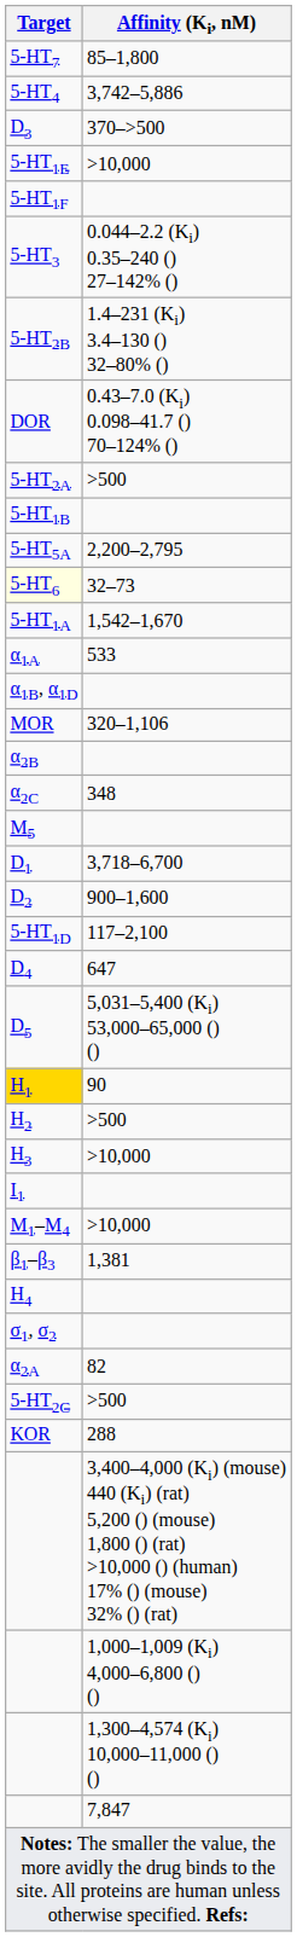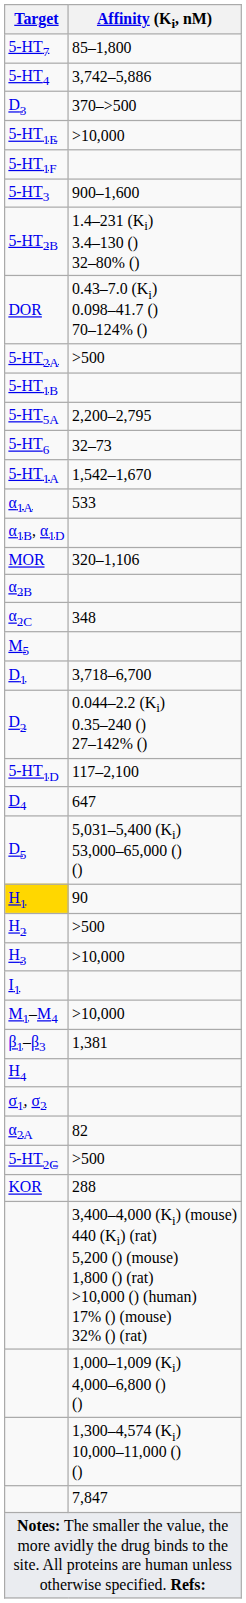 <table class="wikitable floatright" style="font-size:small;">
 <tr>
 <th><a href='#'>Target</a></th>
 <th><a href='#'>Affinity</a> (K<sub>i</sub>, nM)</th>
 </tr>
 <tr>
 <td><a href='#'>5-HT<sub>7</sub></a></td>
 <td>85–1,800</td>
 </tr>
 <tr>
 <td><a href='#'>5-HT<sub>4</sub></a></td>
 <td>3,742–5,886</td>
 </tr>
 <tr>
 <td><a href='#'>D<sub>3</sub></a></td>
 <td>370–>500</td>
 </tr>
 <tr>
 <td><a href='#'>5-HT<sub>1E</sub></a></td>
 <td>>10,000</td>
 </tr>
 <tr>
 <td><a href='#'>5-HT<sub>1F</sub></a></td>
 <td></td>
 </tr>
 <tr>
 <td><a href='#'>5-HT<sub>3</sub></a></td>
-<td>0.044–2.2 (K<sub>i</sub>)<br>0.35–240 ()<br>27–142% ()</td>
+<td>900–1,600</td>
 </tr>
 <tr>
 <td><a href='#'>5-HT<sub>2B</sub></a></td>
 <td>1.4–231 (K<sub>i</sub>)<br>3.4–130 ()<br>32–80% ()</td>
 </tr>
 <tr>
 <td><a href='#'>DOR</a></td>
 <td>0.43–7.0 (K<sub>i</sub>)<br>0.098–41.7 ()<br>70–124% ()</td>
 </tr>
 <tr>
 <td><a href='#'>5-HT<sub>2A</sub></a></td>
 <td>>500</td>
 </tr>
 <tr>
 <td><a href='#'>5-HT<sub>1B</sub></a></td>
 <td></td>
 </tr>
 <tr>
 <td><a href='#'>5-HT<sub>5A</sub></a></td>
 <td>2,200–2,795</td>
 </tr>
 <tr>
-<td style="background: lightyellow;"><a href='#'>5-HT<sub>6</sub></a></td>
+<td><a href='#'>5-HT<sub>6</sub></a></td>
 <td>32–73</td>
 </tr>
 <tr>
 <td><a href='#'>5-HT<sub>1A</sub></a></td>
 <td>1,542–1,670</td>
 </tr>
 <tr>
 <td><a href='#'>α<sub>1A</sub></a></td>
 <td>533</td>
 </tr>
 <tr>
 <td><a href='#'>α<sub>1B</sub></a>, <a href='#'>α<sub>1D</sub></a></td>
 <td></td>
 </tr>
 <tr>
 <td><a href='#'>MOR</a></td>
 <td>320–1,106</td>
 </tr>
 <tr>
 <td><a href='#'>α<sub>2B</sub></a></td>
 <td></td>
 </tr>
 <tr>
 <td><a href='#'>α<sub>2C</sub></a></td>
 <td>348</td>
 </tr>
 <tr>
 <td><a href='#'>M<sub>5</sub></a></td>
 <td></td>
 </tr>
 <tr>
 <td><a href='#'>D<sub>1</sub></a></td>
 <td>3,718–6,700</td>
 </tr>
 <tr>
 <td><a href='#'>D<sub>2</sub></a></td>
-<td>900–1,600</td>
+<td>0.044–2.2 (K<sub>i</sub>)<br>0.35–240 ()<br>27–142% ()</td>
 </tr>
 <tr>
 <td><a href='#'>5-HT<sub>1D</sub></a></td>
 <td>117–2,100</td>
 </tr>
 <tr>
 <td><a href='#'>D<sub>4</sub></a></td>
 <td>647</td>
 </tr>
 <tr>
 <td><a href='#'>D<sub>5</sub></a></td>
 <td>5,031–5,400 (K<sub>i</sub>)<br>53,000–65,000 ()<br> ()</td>
 </tr>
 <tr>
 <td style="background: gold;"><a href='#'>H<sub>1</sub></a></td>
 <td>90</td>
 </tr>
 <tr>
 <td><a href='#'>H<sub>2</sub></a></td>
 <td>>500</td>
 </tr>
 <tr>
 <td><a href='#'>H<sub>3</sub></a></td>
 <td>>10,000</td>
 </tr>
 <tr>
 <td><a href='#'>I<sub>1</sub></a></td>
 <td></td>
 </tr>
 <tr>
 <td><a href='#'>M<sub>1</sub></a>–<a href='#'>M<sub>4</sub></a></td>
 <td>>10,000</td>
 </tr>
 <tr>
 <td><a href='#'>β<sub>1</sub></a>–<a href='#'>β<sub>3</sub></a></td>
 <td>1,381</td>
 </tr>
 <tr>
 <td><a href='#'>H<sub>4</sub></a></td>
 <td></td>
 </tr>
 <tr>
 <td><a href='#'>σ<sub>1</sub></a>, <a href='#'>σ<sub>2</sub></a></td>
 <td></td>
 </tr>
 <tr>
 <td><a href='#'>α<sub>2A</sub></a></td>
 <td>82</td>
 </tr>
 <tr>
 <td><a href='#'>5-HT<sub>2C</sub></a></td>
 <td>>500</td>
 </tr>
 <tr>
 <td><a href='#'>KOR</a></td>
 <td>288</td>
 </tr>
 <tr>
 <td></td>
 <td>3,400–4,000 (K<sub>i</sub>) (mouse)<br>440 (K<sub>i</sub>) (rat)<br>5,200 () (mouse)<br>1,800 () (rat)<br>>10,000 () (human)<br>17% () (mouse)<br>32% () (rat)</td>
 </tr>
 <tr>
 <td></td>
 <td>1,000–1,009 (K<sub>i</sub>)<br>4,000–6,800 ()<br> ()</td>
 </tr>
 <tr>
 <td></td>
 <td>1,300–4,574 (K<sub>i</sub>)<br>10,000–11,000 ()<br> ()</td>
 </tr>
 <tr>
 <td></td>
 <td>7,847</td>
 </tr>
 <tr class="sortbottom">
 <td colspan="2" style="width: 1px; background-color:#eaecf0; text-align: center;"><strong>Notes:</strong> The smaller the value, the more avidly the drug binds to the site. All proteins are human unless otherwise specified. <strong>Refs:</strong> </td>
 </tr>
 </table>
